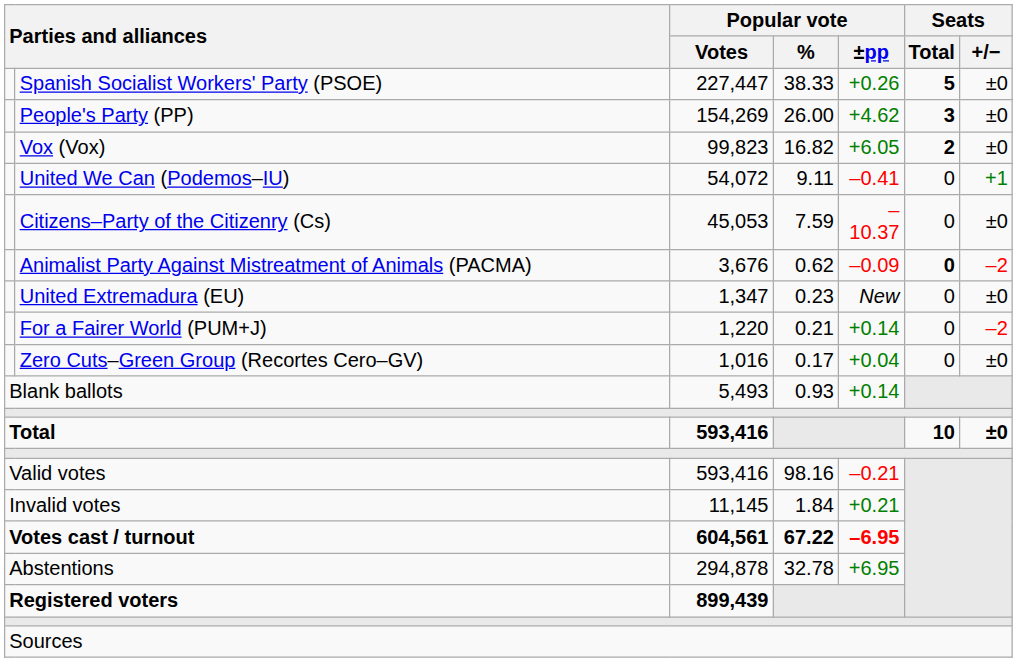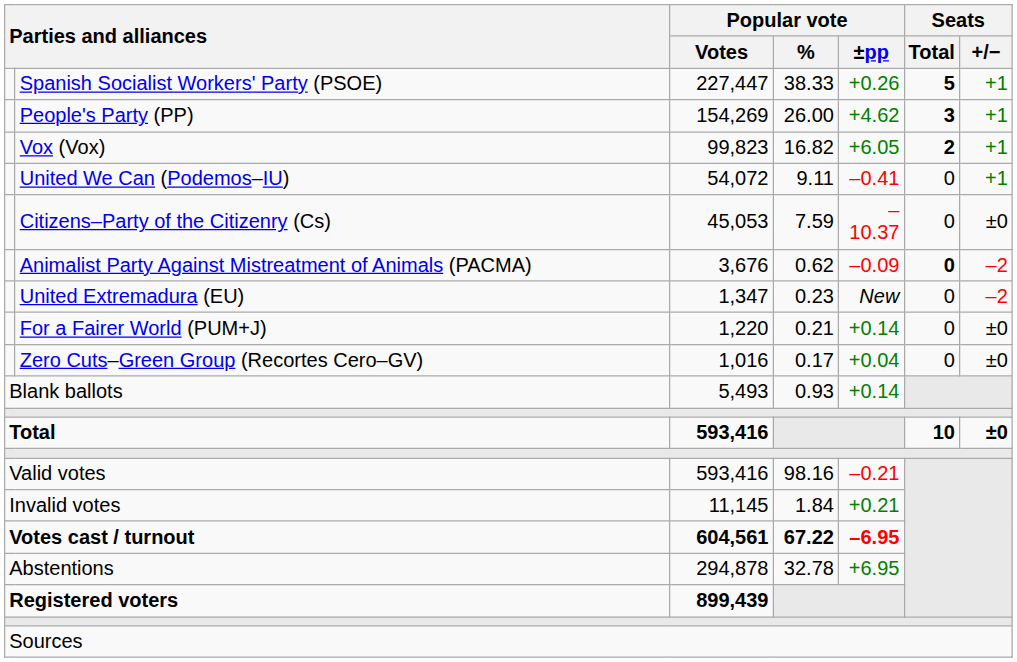 <table class="wikitable" style="text-align:right;">
 <tr>
 <th style="text-align:left;" rowspan="2" colspan="2" width="525">Parties and alliances</th>
 <th colspan="3">Popular vote</th>
 <th colspan="2">Seats</th>
 </tr>
 <tr>
 <th width="75">Votes</th>
 <th width="45">%</th>
 <th width="45">±<a href='#'>pp</a></th>
 <th width="35">Total</th>
 <th width="35">+/−</th>
 </tr>
 <tr>
 <td width="1" style="color:inherit;background:"></td>
 <td align="left"><a href='#'>Spanish Socialist Workers' Party</a> (PSOE)</td>
 <td>227,447</td>
 <td>38.33</td>
 <td style="color:green;">+0.26</td>
 <td><strong>5</strong></td>
-<td>±0</td>
+<td style="color:green;">+1</td>
 </tr>
 <tr>
 <td style="color:inherit;background:"></td>
 <td align="left"><a href='#'>People's Party</a> (PP)</td>
 <td>154,269</td>
 <td>26.00</td>
 <td style="color:green;">+4.62</td>
 <td><strong>3</strong></td>
-<td>±0</td>
+<td style="color:green;">+1</td>
 </tr>
 <tr>
 <td style="color:inherit;background:"></td>
 <td align="left"><a href='#'>Vox</a> (Vox)</td>
 <td>99,823</td>
 <td>16.82</td>
 <td style="color:green;">+6.05</td>
 <td><strong>2</strong></td>
-<td>±0</td>
+<td style="color:green;">+1</td>
 </tr>
 <tr>
 <td style="color:inherit;background:"></td>
 <td align="left"><a href='#'>United We Can</a> (<a href='#'>Podemos</a>–<a href='#'>IU</a>)</td>
 <td>54,072</td>
 <td>9.11</td>
 <td style="color:red;">–0.41</td>
 <td>0</td>
 <td style="color:green;">+1</td>
 </tr>
 <tr>
 <td style="color:inherit;background:"></td>
 <td align="left"><a href='#'>Citizens–Party of the Citizenry</a> (Cs)</td>
 <td>45,053</td>
 <td>7.59</td>
 <td style="color:red;">–10.37</td>
 <td>0</td>
 <td>±0</td>
 </tr>
 <tr>
 <td style="color:inherit;background:"></td>
 <td align="left"><a href='#'>Animalist Party Against Mistreatment of Animals</a> (PACMA)</td>
 <td>3,676</td>
 <td>0.62</td>
 <td style="color:red;">–0.09</td>
 <td><strong>0</strong></td>
 <td style="color:red;">–2</td>
 </tr>
 <tr>
 <td style="color:inherit;background:"></td>
 <td align="left"><a href='#'>United Extremadura</a> (EU)</td>
 <td>1,347</td>
 <td>0.23</td>
 <td><em>New</em></td>
 <td>0</td>
-<td>±0</td>
+<td style="color:red;">–2</td>
 </tr>
 <tr>
 <td style="color:inherit;background:"></td>
 <td align="left"><a href='#'>For a Fairer World</a> (PUM+J)</td>
 <td>1,220</td>
 <td>0.21</td>
 <td style="color:green;">+0.14</td>
 <td>0</td>
-<td style="color:red;">–2</td>
+<td>±0</td>
 </tr>
 <tr>
 <td style="color:inherit;background:"></td>
 <td align="left"><a href='#'>Zero Cuts</a>–<a href='#'>Green Group</a> (Recortes Cero–GV)</td>
 <td>1,016</td>
 <td>0.17</td>
 <td style="color:green;">+0.04</td>
 <td>0</td>
 <td>±0</td>
 </tr>
 <tr>
 <td align="left" colspan="2">Blank ballots</td>
 <td>5,493</td>
 <td>0.93</td>
 <td style="color:green;">+0.14</td>
 <td bgcolor="#E9E9E9" colspan="2"></td>
 </tr>
 <tr>
 <td colspan="7" bgcolor="#E9E9E9"></td>
 </tr>
 <tr style="font-weight:bold;">
 <td align="left" colspan="2">Total</td>
 <td>593,416</td>
 <td bgcolor="#E9E9E9" colspan="2"></td>
 <td>10</td>
 <td>±0</td>
 </tr>
 <tr>
 <td colspan="7" bgcolor="#E9E9E9"></td>
 </tr>
 <tr>
 <td align="left" colspan="2">Valid votes</td>
 <td>593,416</td>
 <td>98.16</td>
 <td style="color:red;">–0.21</td>
 <td bgcolor="#E9E9E9" colspan="2" rowspan="5"></td>
 </tr>
 <tr>
 <td align="left" colspan="2">Invalid votes</td>
 <td>11,145</td>
 <td>1.84</td>
 <td style="color:green;">+0.21</td>
 </tr>
 <tr style="font-weight:bold;">
 <td align="left" colspan="2">Votes cast / turnout</td>
 <td>604,561</td>
 <td>67.22</td>
 <td style="color:red;">–6.95</td>
 </tr>
 <tr>
 <td align="left" colspan="2">Abstentions</td>
 <td>294,878</td>
 <td>32.78</td>
 <td style="color:green;">+6.95</td>
 </tr>
 <tr style="font-weight:bold;">
 <td align="left" colspan="2">Registered voters</td>
 <td>899,439</td>
 <td bgcolor="#E9E9E9" colspan="2"></td>
 </tr>
 <tr>
 <td colspan="7" bgcolor="#E9E9E9"></td>
 </tr>
 <tr>
 <td align="left" colspan="7">Sources</td>
 </tr>
 </table>
